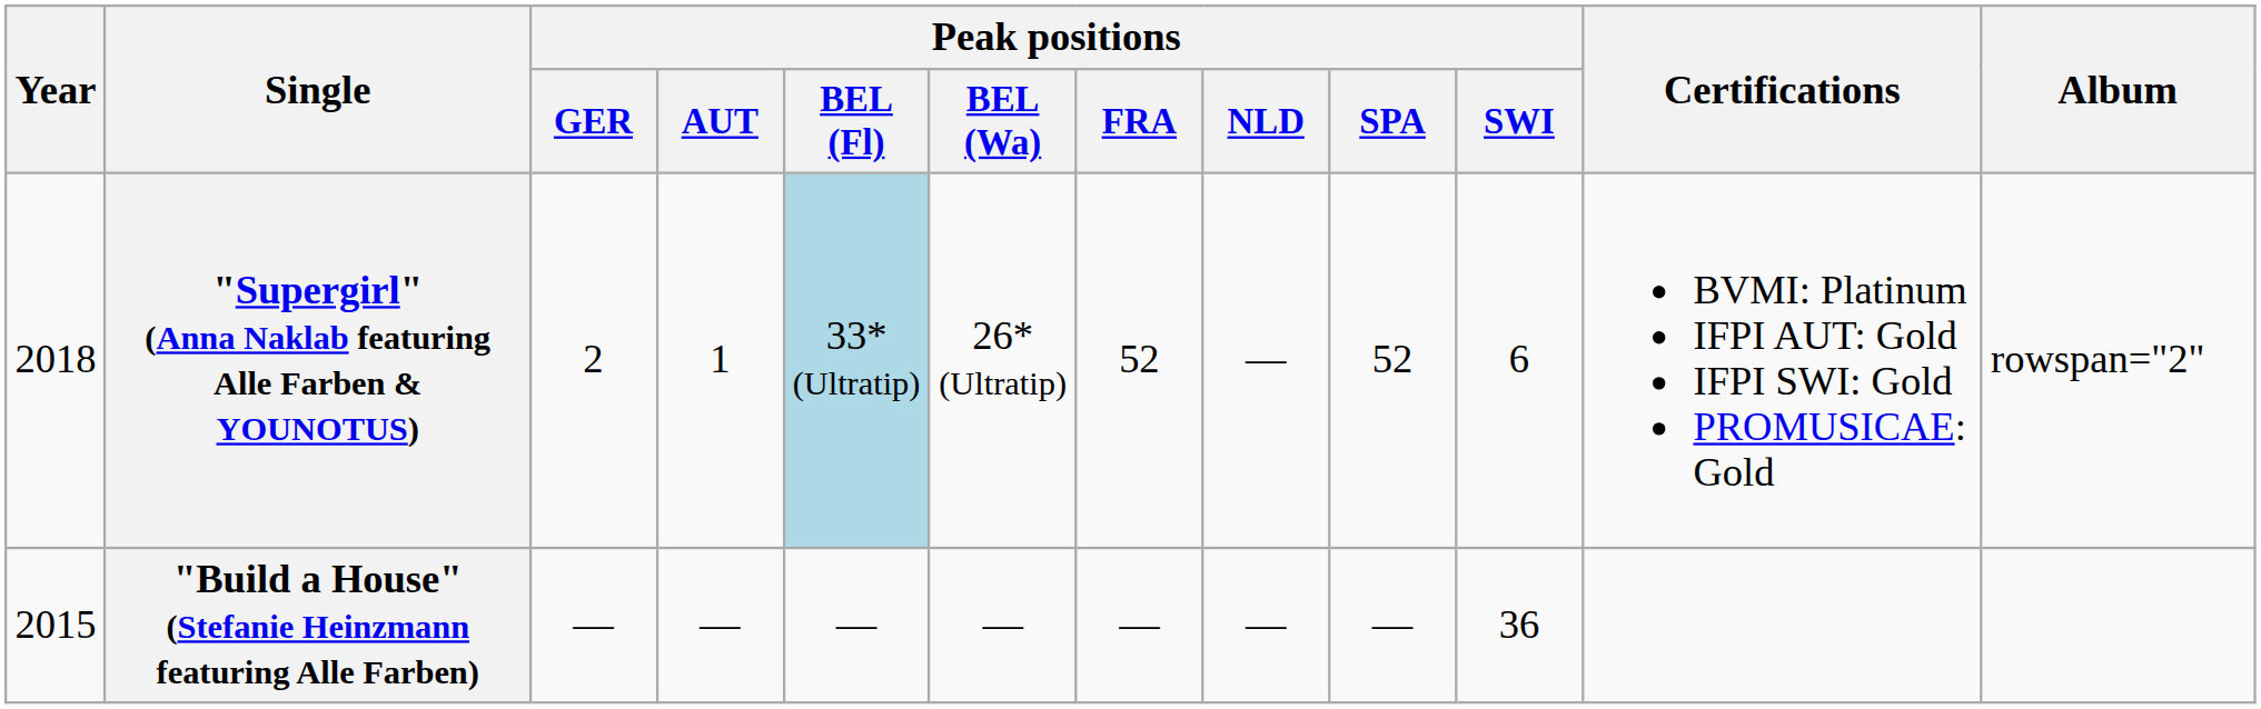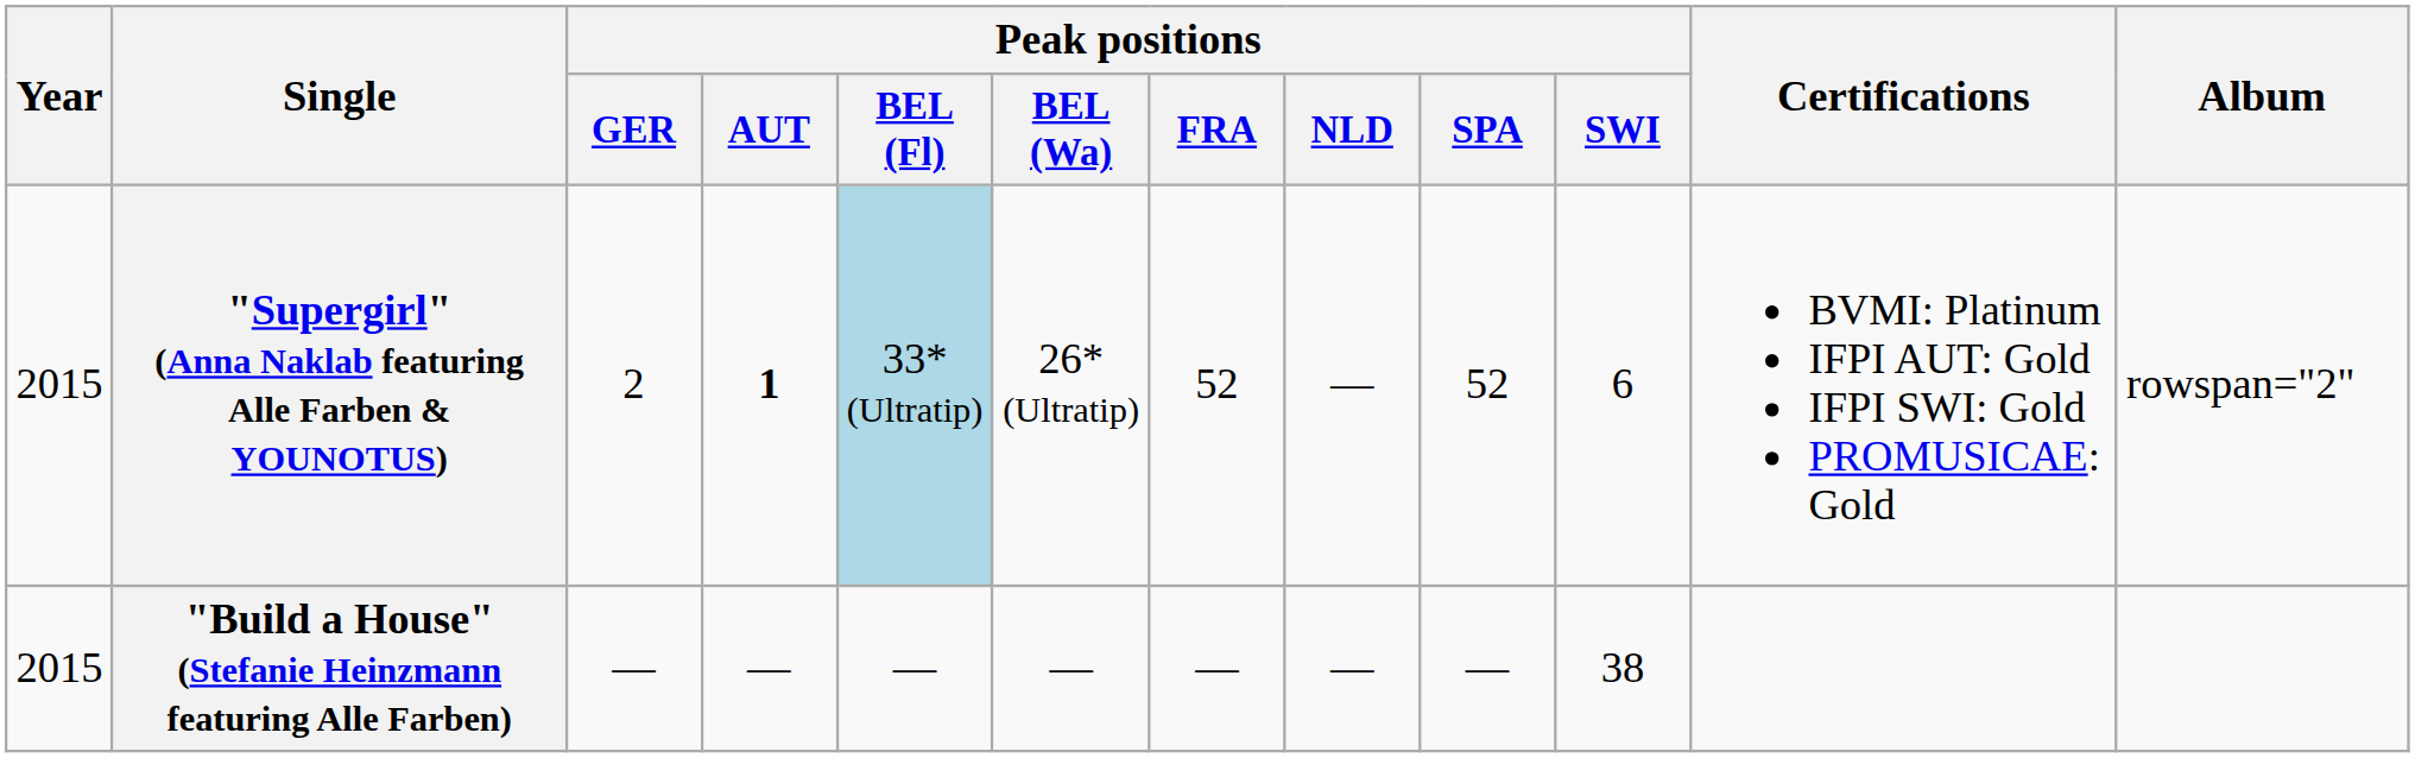 <table class="wikitable plainrowheaders">
 <tr>
 <th align="center" rowspan="2" width="10">Year</th>
 <th align="center" rowspan="2" width="160">Single</th>
 <th align="center" colspan="8" width="20">Peak positions</th>
 <th align="center" rowspan="2" width="150">Certifications</th>
 <th align="center" rowspan="2" width="100">Album</th>
 </tr>
 <tr>
 <th scope="col" style="width:3em;font-size:90%;"><a href='#'>GER</a><br></th>
 <th scope="col" style="width:3em;font-size:90%;"><a href='#'>AUT</a><br></th>
 <th scope="col" style="width:3em;font-size:90%;"><a href='#'>BEL<br>(Fl)</a><br></th>
 <th scope="col" style="width:3em;font-size:90%;"><a href='#'>BEL<br>(Wa)</a><br></th>
 <th scope="col" style="width:3em;font-size:90%;"><a href='#'>FRA</a><br></th>
 <th scope="col" style="width:3em;font-size:90%;"><a href='#'>NLD</a><br></th>
 <th scope="col" style="width:3em;font-size:90%;"><a href='#'>SPA</a><br></th>
 <th scope="col" style="width:3em;font-size:90%;"><a href='#'>SWI</a><br></th>
 </tr>
 <tr>
-<td style="text-align:center;">2018</td>
+<td style="text-align:center;">2015</td>
 <th scope="row">"<a href='#'>Supergirl</a>"<br><small>(<a href='#'>Anna Naklab</a> featuring Alle Farben & <a href='#'>YOUNOTUS</a>)</small></th>
 <td style="text-align:center;">2</td>
-<td style="text-align:center;">1</td>
+<td style="text-align:center;"><strong>1</strong></td>
 <td style="background: lightblue; text-align:center;">33*<br><small>(Ultratip)</small></td>
 <td style="text-align:center;">26*<br><small>(Ultratip)</small></td>
 <td style="text-align:center;">52</td>
 <td style="text-align:center;">—</td>
 <td style="text-align:center;">52</td>
 <td style="text-align:center;">6</td>
 <td><br><ul><li>BVMI: Platinum</li><li>IFPI AUT: Gold</li><li>IFPI SWI: Gold</li><li><a href='#'>PROMUSICAE</a>: Gold</li></ul></td>
 <td>rowspan="2" </td>
 </tr>
 <tr>
 <td style="text-align:center;">2015</td>
 <th scope="row">"Build a House"<br><small>(<a href='#'>Stefanie Heinzmann</a> featuring Alle Farben)</small></th>
 <td style="text-align:center;">—</td>
 <td style="text-align:center;">—</td>
 <td style="text-align:center;">—</td>
 <td style="text-align:center;">—</td>
 <td style="text-align:center;">—</td>
 <td style="text-align:center;">—</td>
 <td style="text-align:center;">—</td>
-<td style="text-align:center;">36</td>
+<td style="text-align:center;">38</td>
 <td></td>
 </tr>
 </table>
